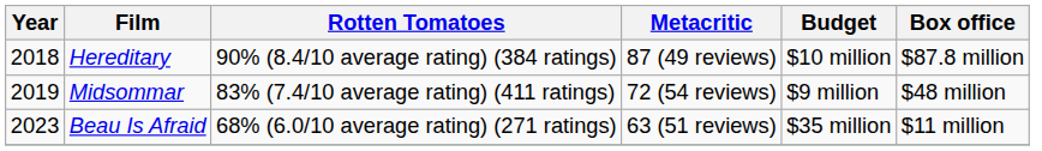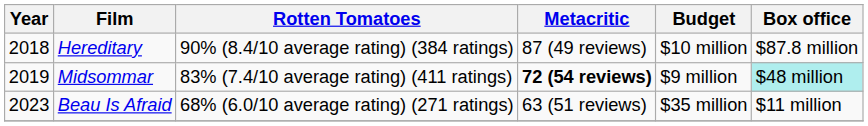 <table class="wikitable">
 <tr>
 <th>Year</th>
 <th>Film</th>
 <th><a href='#'>Rotten Tomatoes</a></th>
 <th><a href='#'>Metacritic</a></th>
 <th>Budget</th>
 <th>Box office</th>
 </tr>
 <tr>
 <td>2018</td>
 <td><em><a href='#'>Hereditary</a></em></td>
 <td>90% (8.4/10 average rating) (384 ratings)</td>
 <td>87 (49 reviews)</td>
 <td>$10 million</td>
 <td>$87.8 million</td>
 </tr>
 <tr>
 <td>2019</td>
 <td><em><a href='#'>Midsommar</a></em></td>
 <td>83% (7.4/10 average rating) (411 ratings)</td>
-<td>72 (54 reviews)</td>
+<td><strong>72 (54 reviews)</strong></td>
 <td>$9 million</td>
-<td>$48 million</td>
+<td style="background: paleturquoise;">$48 million</td>
 </tr>
 <tr>
 <td>2023</td>
 <td><em><a href='#'>Beau Is Afraid</a></em></td>
 <td>68% (6.0/10 average rating) (271 ratings)</td>
 <td>63 (51 reviews)</td>
 <td>$35 million</td>
 <td>$11 million</td>
 </tr>
 <tr>
 </tr>
 </table>
